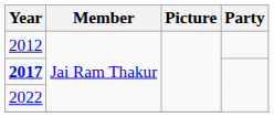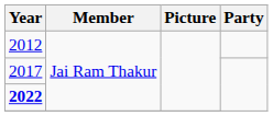 <table class="wikitable sortable">
 <tr>
 <th>Year</th>
 <th>Member</th>
 <th>Picture</th>
 <th colspan="2">Party</th>
 </tr>
 <tr>
 <td><a href='#'>2012</a></td>
 <td rowspan="3"><a href='#'>Jai Ram Thakur</a></td>
 <td rowspan=3></td>
 <td></td>
 </tr>
 <tr>
-<td><strong><a href='#'>2017</a></strong></td>
+<td><a href='#'>2017</a></td>
 </tr>
 <tr>
-<td><a href='#'>2022</a></td>
+<td><strong><a href='#'>2022</a></strong></td>
 </tr>
 <tr>
 </tr>
 </table>
